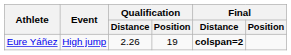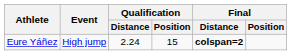 <table class=wikitable style=font-size:90%>
 <tr>
 <th rowspan=2>Athlete</th>
 <th rowspan=2>Event</th>
 <th colspan=2>Qualification</th>
 <th colspan=2>Final</th>
 </tr>
 <tr style=font-size:95%>
 <th>Distance</th>
 <th>Position</th>
 <th>Distance</th>
 <th>Position</th>
 </tr>
 <tr align=center>
 <td align=left><a href='#'>Eure Yáñez</a></td>
 <td align=left><a href='#'>High jump</a></td>
-<td>2.26</td>
-<td>19</td>
+<td>2.24</td>
+<td>15</td>
 <td><strong>colspan=2 </strong></td>
 </tr>
 </table>
